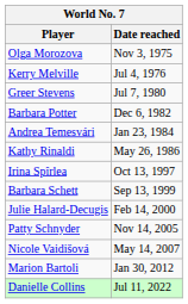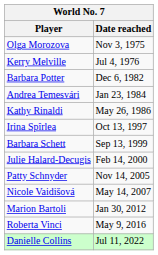 <table class="wikitable nowrap" style="display:inline-table; font-size:85%">
 <tr>
 <th colspan="2">World No. 7</th>
 </tr>
 <tr>
 <th>Player</th>
 <th>Date reached</th>
 </tr>
 <tr>
 <td> <a href='#'>Olga Morozova</a></td>
 <td>Nov 3, 1975</td>
 </tr>
 <tr>
 <td> <a href='#'>Kerry Melville</a></td>
 <td>Jul 4, 1976</td>
-</tr>
-<tr>
-<td> <a href='#'>Greer Stevens</a></td>
-<td>Jul 7, 1980</td>
 </tr>
 <tr>
 <td> <a href='#'>Barbara Potter</a></td>
 <td>Dec 6, 1982</td>
 </tr>
 <tr>
 <td> <a href='#'>Andrea Temesvári</a></td>
 <td>Jan 23, 1984</td>
 </tr>
 <tr>
 <td> <a href='#'>Kathy Rinaldi</a></td>
 <td>May 26, 1986</td>
 </tr>
 <tr>
 <td> <a href='#'>Irina Spîrlea</a></td>
 <td>Oct 13, 1997</td>
 </tr>
 <tr>
 <td> <a href='#'>Barbara Schett</a></td>
 <td>Sep 13, 1999</td>
 </tr>
 <tr>
 <td> <a href='#'>Julie Halard-Decugis</a></td>
 <td>Feb 14, 2000</td>
 </tr>
 <tr>
 <td> <a href='#'>Patty Schnyder</a></td>
 <td>Nov 14, 2005</td>
 </tr>
 <tr>
 <td> <a href='#'>Nicole Vaidišová</a></td>
 <td>May 14, 2007</td>
 </tr>
 <tr>
 <td> <a href='#'>Marion Bartoli</a></td>
 <td>Jan 30, 2012</td>
 </tr>
+<tr>
+<td> <a href='#'>Roberta Vinci</a></td>
+<td>May 9, 2016</td>
+</tr>
 <tr bgcolor=ccffcc>
 <td> <a href='#'>Danielle Collins</a></td>
 <td>Jul 11, 2022</td>
 </tr>
 </table>
